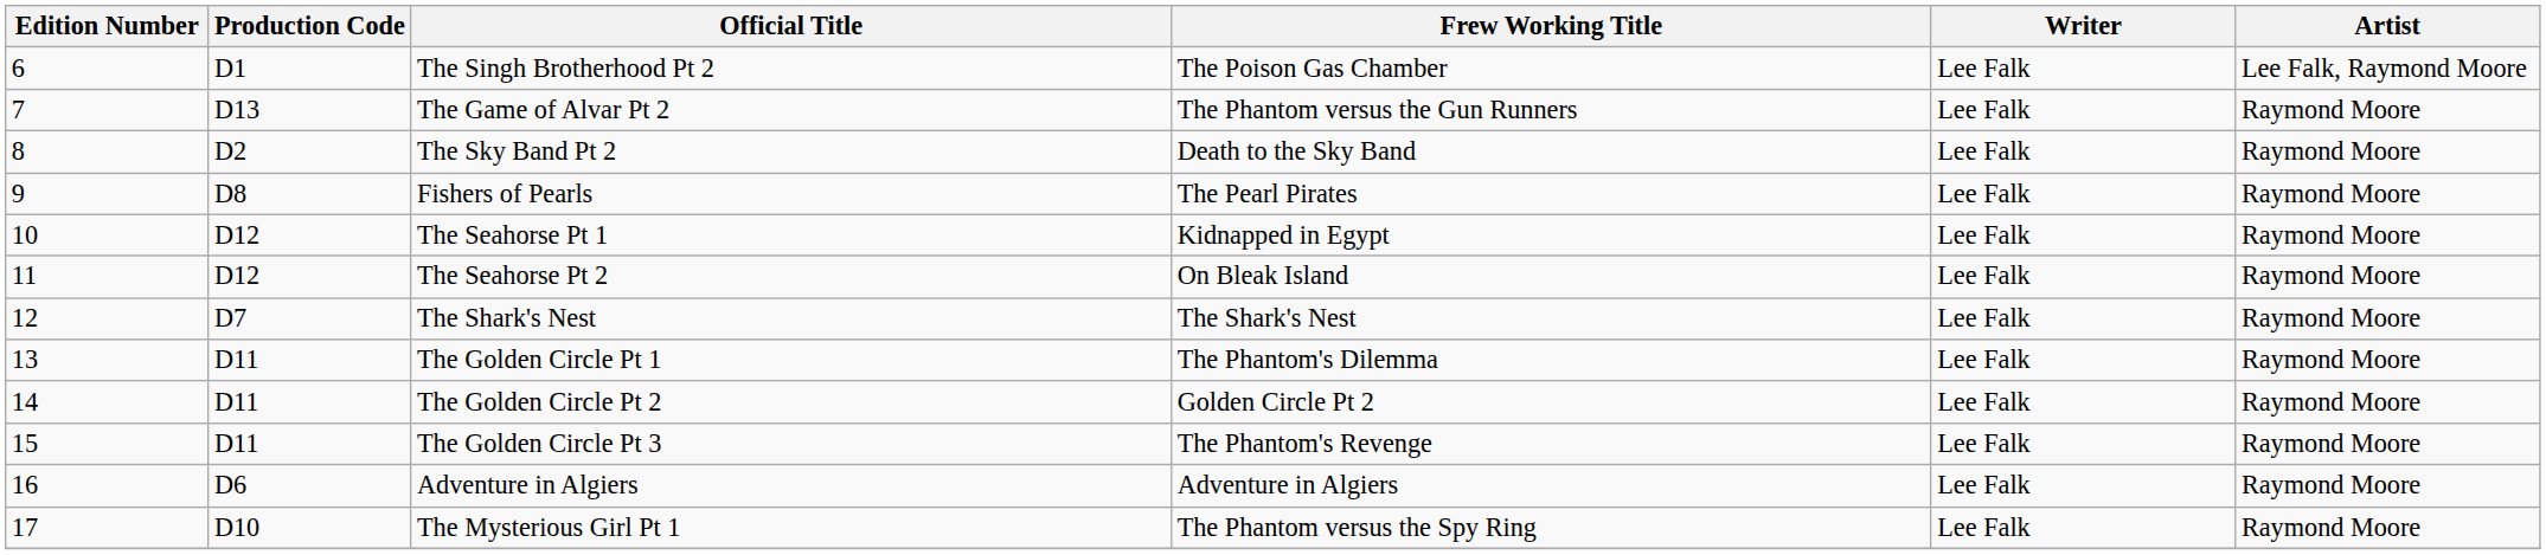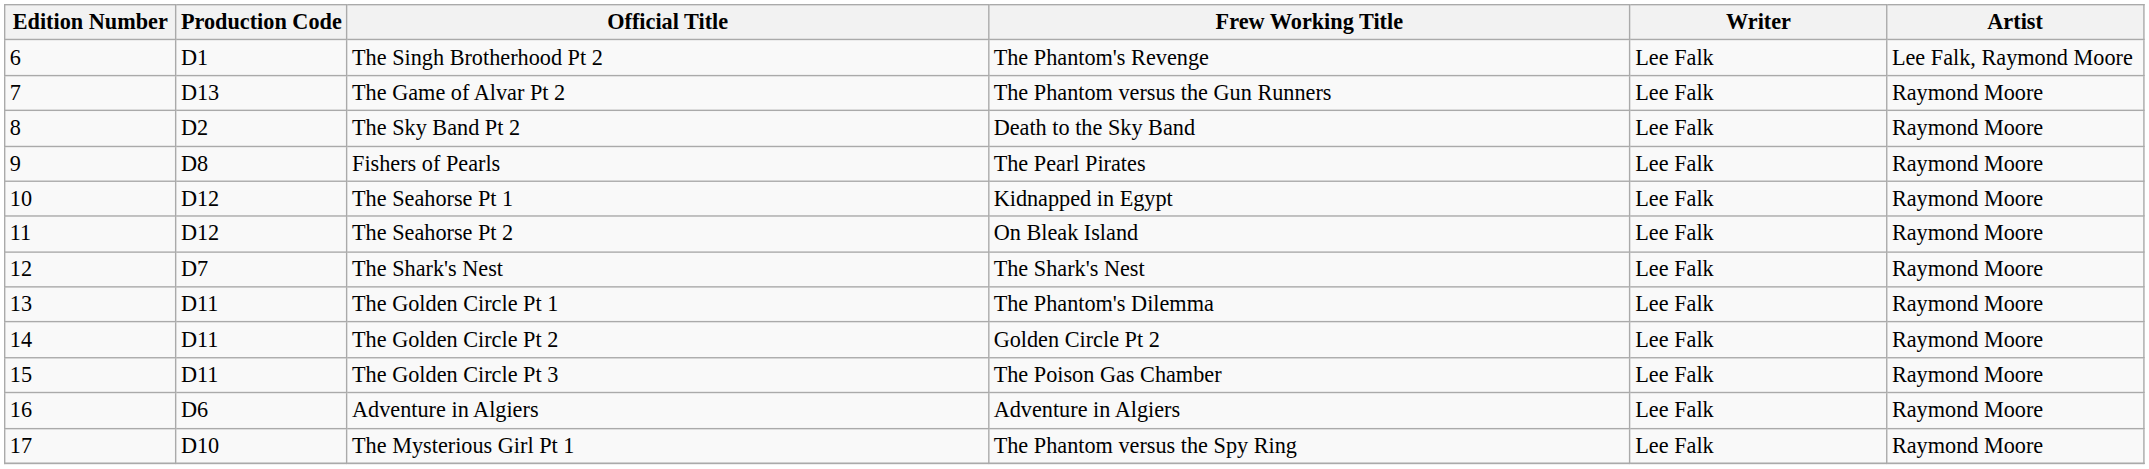 <table class="wikitable">
 <tr>
 <th style="width:8%;">Edition Number</th>
 <th style="width:8%;">Production Code</th>
 <th style="width:30%;">Official Title</th>
 <th style="width:30%;">Frew Working Title</th>
 <th style="width:12%;">Writer</th>
 <th style="width:12%;">Artist</th>
 </tr>
 <tr |>
 <td>6</td>
 <td>D1</td>
 <td>The Singh Brotherhood Pt 2</td>
-<td>The Poison Gas Chamber</td>
+<td>The Phantom's Revenge</td>
 <td>Lee Falk</td>
 <td>Lee Falk, Raymond Moore</td>
 </tr>
 <tr |>
 <td>7</td>
 <td>D13</td>
 <td>The Game of Alvar Pt 2</td>
 <td>The Phantom versus the Gun Runners</td>
 <td>Lee Falk</td>
 <td>Raymond Moore</td>
 </tr>
 <tr |>
 <td>8</td>
 <td>D2</td>
 <td>The Sky Band Pt 2</td>
 <td>Death to the Sky Band</td>
 <td>Lee Falk</td>
 <td>Raymond Moore</td>
 </tr>
 <tr |>
 <td>9</td>
 <td>D8</td>
 <td>Fishers of Pearls</td>
 <td>The Pearl Pirates</td>
 <td>Lee Falk</td>
 <td>Raymond Moore</td>
 </tr>
 <tr |>
 <td>10</td>
 <td>D12</td>
 <td>The Seahorse Pt 1</td>
 <td>Kidnapped in Egypt</td>
 <td>Lee Falk</td>
 <td>Raymond Moore</td>
 </tr>
 <tr |>
 <td>11</td>
 <td>D12</td>
 <td>The Seahorse Pt 2</td>
 <td>On Bleak Island</td>
 <td>Lee Falk</td>
 <td>Raymond Moore</td>
 </tr>
 <tr |>
 <td>12</td>
 <td>D7</td>
 <td>The Shark's Nest</td>
 <td>The Shark's Nest</td>
 <td>Lee Falk</td>
 <td>Raymond Moore</td>
 </tr>
 <tr |>
 <td>13</td>
 <td>D11</td>
 <td>The Golden Circle Pt 1</td>
 <td>The Phantom's Dilemma</td>
 <td>Lee Falk</td>
 <td>Raymond Moore</td>
 </tr>
 <tr |>
 <td>14</td>
 <td>D11</td>
 <td>The Golden Circle Pt 2</td>
 <td>Golden Circle Pt 2</td>
 <td>Lee Falk</td>
 <td>Raymond Moore</td>
 </tr>
 <tr |>
 <td>15</td>
 <td>D11</td>
 <td>The Golden Circle Pt 3</td>
-<td>The Phantom's Revenge</td>
+<td>The Poison Gas Chamber</td>
 <td>Lee Falk</td>
 <td>Raymond Moore</td>
 </tr>
 <tr |>
 <td>16</td>
 <td>D6</td>
 <td>Adventure in Algiers</td>
 <td>Adventure in Algiers</td>
 <td>Lee Falk</td>
 <td>Raymond Moore</td>
 </tr>
 <tr |>
 <td>17</td>
 <td>D10</td>
 <td>The Mysterious Girl Pt 1</td>
 <td>The Phantom versus the Spy Ring</td>
 <td>Lee Falk</td>
 <td>Raymond Moore</td>
 </tr>
 <tr |>
 </tr>
 </table>
